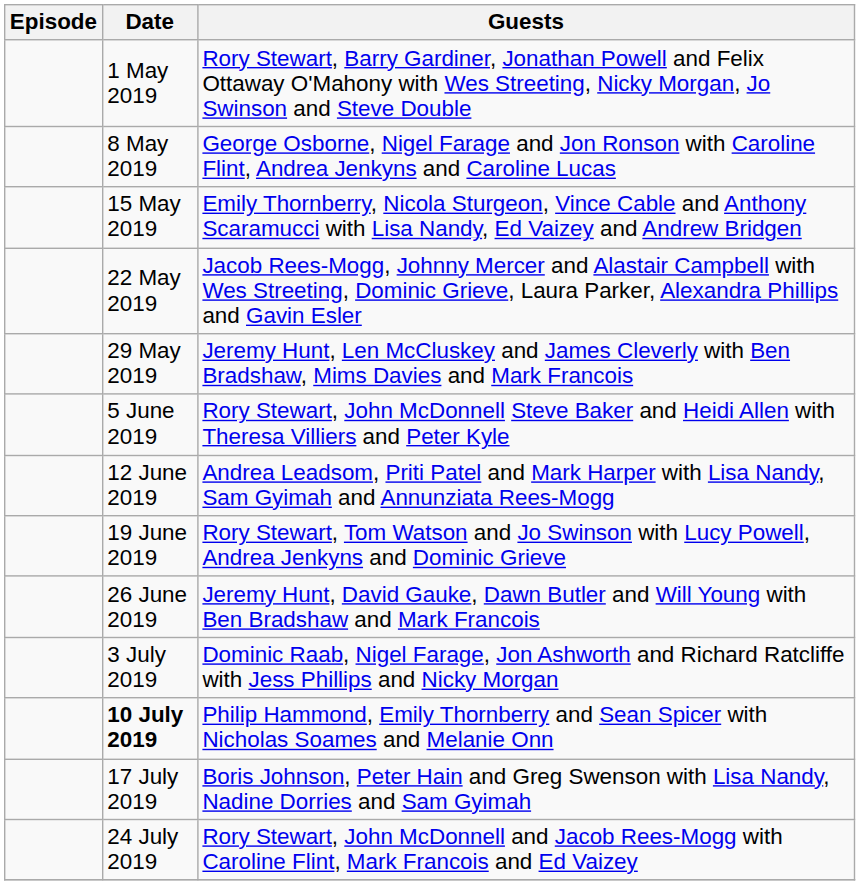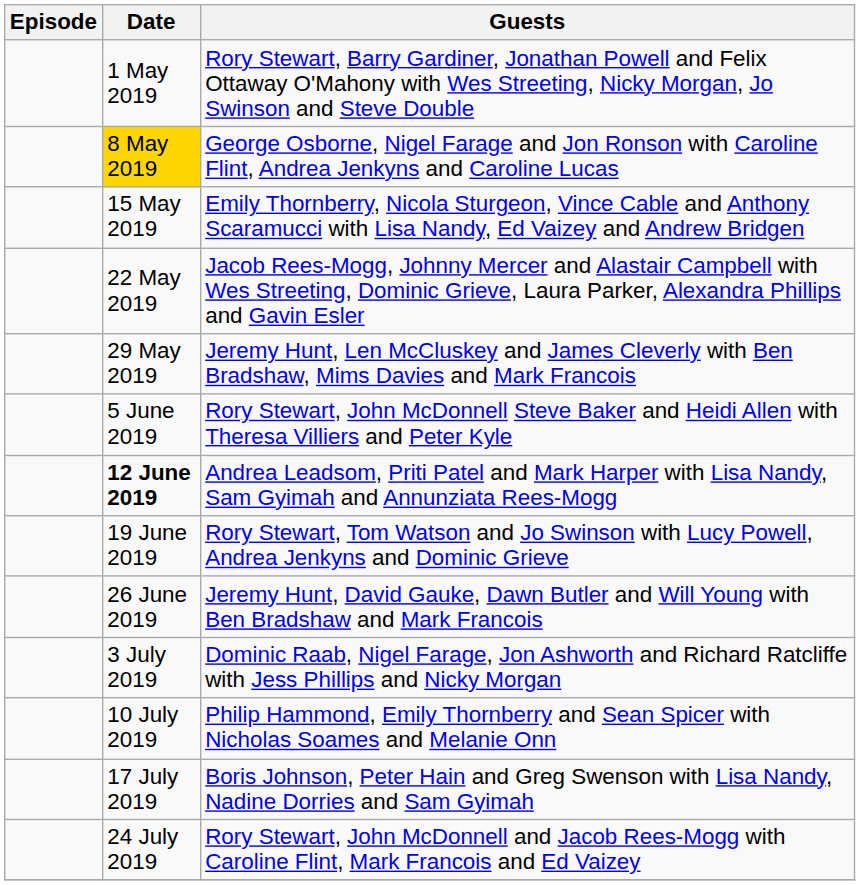 <table class="wikitable">
 <tr>
 <th style="width:7%;">Episode</th>
 <th>Date</th>
 <th>Guests</th>
 </tr>
 <tr>
 <td></td>
 <td>1 May 2019</td>
 <td><a href='#'>Rory Stewart</a>, <a href='#'>Barry Gardiner</a>, <a href='#'>Jonathan Powell</a> and Felix Ottaway O'Mahony with <a href='#'>Wes Streeting</a>, <a href='#'>Nicky Morgan</a>, <a href='#'>Jo Swinson</a> and <a href='#'>Steve Double</a></td>
 </tr>
 <tr>
 <td></td>
-<td>8 May 2019</td>
+<td style="background: gold;">8 May 2019</td>
 <td><a href='#'>George Osborne</a>, <a href='#'>Nigel Farage</a> and <a href='#'>Jon Ronson</a> with <a href='#'>Caroline Flint</a>, <a href='#'>Andrea Jenkyns</a> and <a href='#'>Caroline Lucas</a></td>
 </tr>
 <tr>
 <td></td>
 <td>15 May 2019</td>
 <td><a href='#'>Emily Thornberry</a>, <a href='#'>Nicola Sturgeon</a>, <a href='#'>Vince Cable</a> and <a href='#'>Anthony Scaramucci</a> with <a href='#'>Lisa Nandy</a>, <a href='#'>Ed Vaizey</a> and <a href='#'>Andrew Bridgen</a></td>
 </tr>
 <tr>
 <td></td>
 <td>22 May 2019</td>
 <td><a href='#'>Jacob Rees-Mogg</a>, <a href='#'>Johnny Mercer</a> and <a href='#'>Alastair Campbell</a> with <a href='#'>Wes Streeting</a>, <a href='#'>Dominic Grieve</a>, Laura Parker, <a href='#'>Alexandra Phillips</a> and <a href='#'>Gavin Esler</a></td>
 </tr>
 <tr>
 <td></td>
 <td>29 May 2019</td>
 <td><a href='#'>Jeremy Hunt</a>, <a href='#'>Len McCluskey</a> and <a href='#'>James Cleverly</a> with <a href='#'>Ben Bradshaw</a>, <a href='#'>Mims Davies</a> and <a href='#'>Mark Francois</a></td>
 </tr>
 <tr>
 <td></td>
 <td>5 June 2019</td>
 <td><a href='#'>Rory Stewart</a>, <a href='#'>John McDonnell</a> <a href='#'>Steve Baker</a> and <a href='#'>Heidi Allen</a> with <a href='#'>Theresa Villiers</a> and <a href='#'>Peter Kyle</a></td>
 </tr>
 <tr>
 <td></td>
-<td>12 June 2019</td>
+<td><strong>12 June 2019</strong></td>
 <td><a href='#'>Andrea Leadsom</a>, <a href='#'>Priti Patel</a> and <a href='#'>Mark Harper</a> with <a href='#'>Lisa Nandy</a>, <a href='#'>Sam Gyimah</a> and <a href='#'>Annunziata Rees-Mogg</a></td>
 </tr>
 <tr>
 <td></td>
 <td>19 June 2019</td>
 <td><a href='#'>Rory Stewart</a>, <a href='#'>Tom Watson</a> and <a href='#'>Jo Swinson</a> with <a href='#'>Lucy Powell</a>, <a href='#'>Andrea Jenkyns</a> and <a href='#'>Dominic Grieve</a></td>
 </tr>
 <tr>
 <td></td>
 <td>26 June 2019</td>
 <td><a href='#'>Jeremy Hunt</a>, <a href='#'>David Gauke</a>, <a href='#'>Dawn Butler</a> and <a href='#'>Will Young</a> with <a href='#'>Ben Bradshaw</a> and <a href='#'>Mark Francois</a></td>
 </tr>
 <tr>
 <td></td>
 <td>3 July 2019</td>
 <td><a href='#'>Dominic Raab</a>, <a href='#'>Nigel Farage</a>, <a href='#'>Jon Ashworth</a> and Richard Ratcliffe with <a href='#'>Jess Phillips</a> and <a href='#'>Nicky Morgan</a></td>
 </tr>
 <tr>
 <td></td>
-<td><strong>10 July 2019</strong></td>
+<td>10 July 2019</td>
 <td><a href='#'>Philip Hammond</a>, <a href='#'>Emily Thornberry</a> and <a href='#'>Sean Spicer</a> with <a href='#'>Nicholas Soames</a> and <a href='#'>Melanie Onn</a></td>
 </tr>
 <tr>
 <td></td>
 <td>17 July 2019</td>
 <td><a href='#'>Boris Johnson</a>, <a href='#'>Peter Hain</a> and Greg Swenson with <a href='#'>Lisa Nandy</a>, <a href='#'>Nadine Dorries</a> and <a href='#'>Sam Gyimah</a></td>
 </tr>
 <tr>
 <td></td>
 <td>24 July 2019</td>
 <td><a href='#'>Rory Stewart</a>, <a href='#'>John McDonnell</a> and <a href='#'>Jacob Rees-Mogg</a> with <a href='#'>Caroline Flint</a>, <a href='#'>Mark Francois</a> and <a href='#'>Ed Vaizey</a></td>
 </tr>
 <tr>
 </tr>
 </table>
